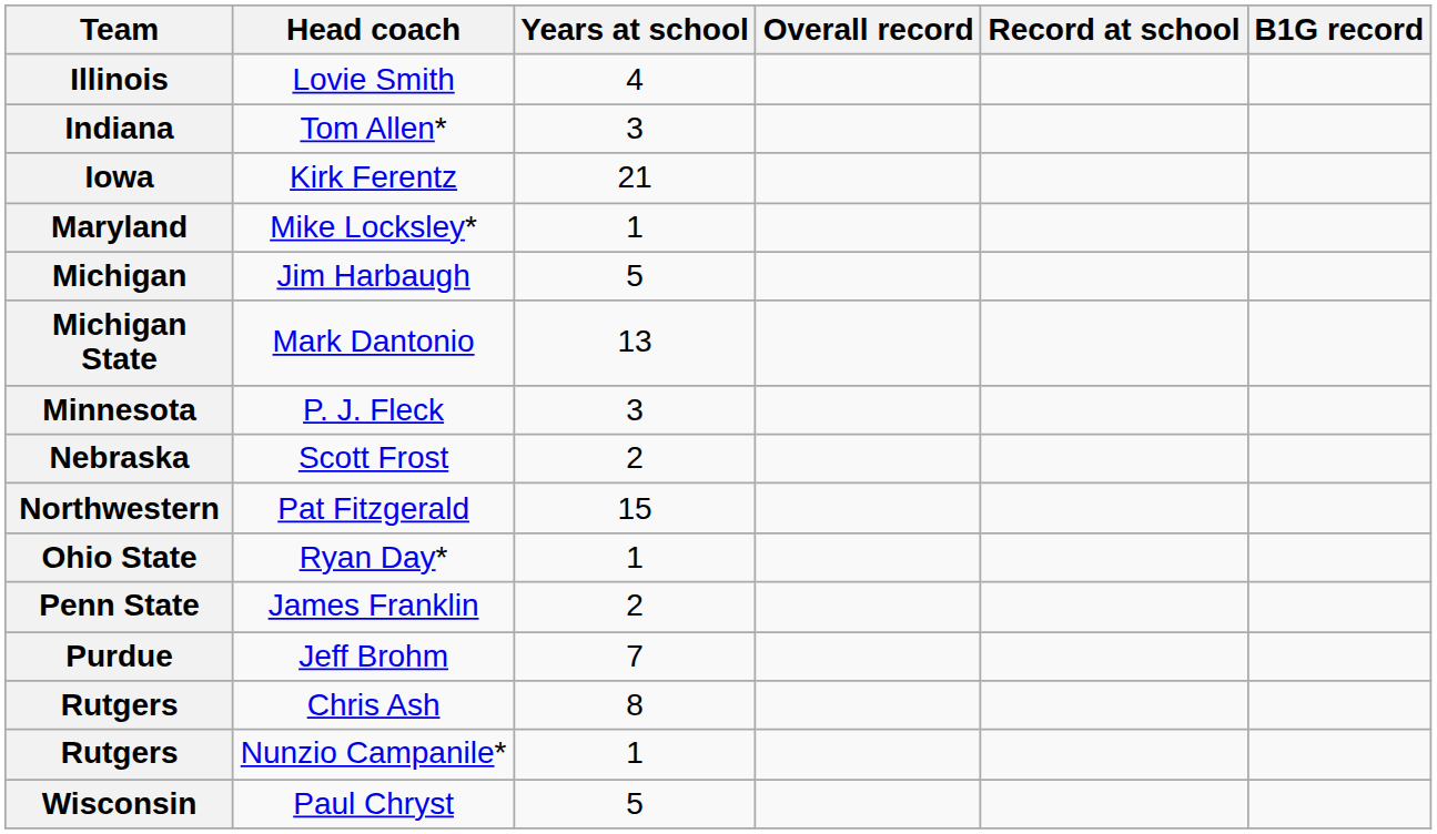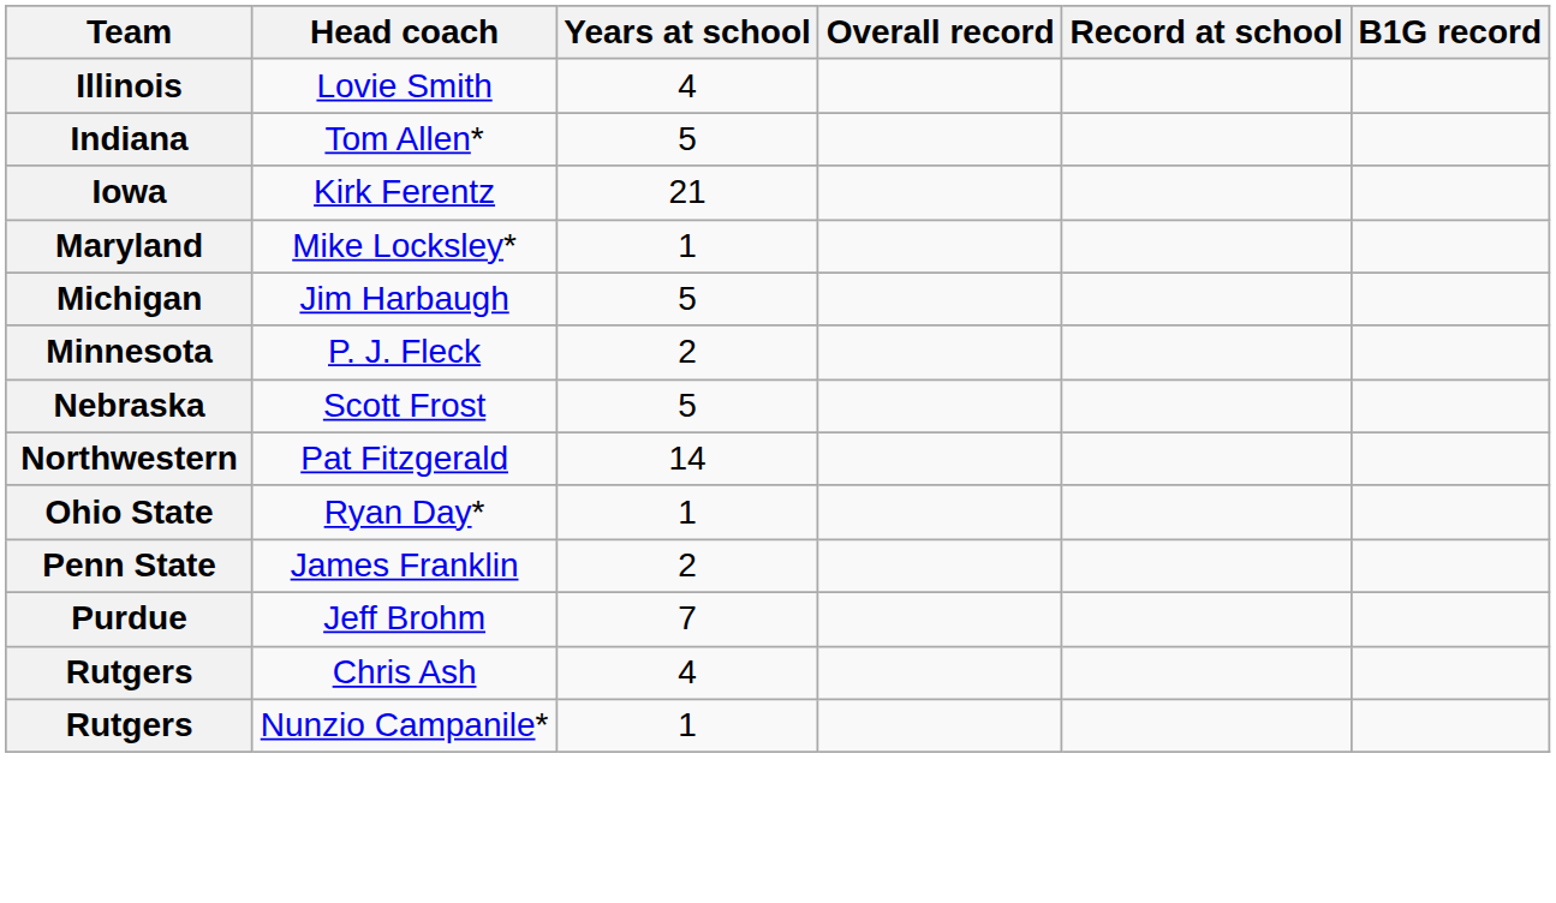 <table class="wikitable sortable" style="text-align: center;">
 <tr>
 <th width="110">Team</th>
 <th>Head coach</th>
 <th>Years at school</th>
 <th>Overall record</th>
 <th>Record at school</th>
 <th>B1G record</th>
 </tr>
 <tr>
 <th>Illinois</th>
 <td><a href='#'>Lovie Smith</a></td>
 <td>4</td>
 <td data-sort-value=></td>
 <td data-sort-value=></td>
 <td data-sort-value=></td>
 </tr>
 <tr>
 <th>Indiana</th>
 <td><a href='#'>Tom Allen</a>*</td>
-<td>3</td>
+<td>5</td>
 <td data-sort-value=></td>
 <td data-sort-value=></td>
 <td data-sort-value=></td>
 </tr>
 <tr>
 <th>Iowa</th>
 <td><a href='#'>Kirk Ferentz</a></td>
 <td>21</td>
 <td data-sort-value=></td>
 <td data-sort-value=></td>
 <td data-sort-value=></td>
 </tr>
 <tr>
 <th>Maryland</th>
 <td><a href='#'>Mike Locksley</a>*</td>
 <td>1</td>
 <td data-sort-value=></td>
 <td data-sort-value=></td>
 <td data-sort-value=></td>
 </tr>
 <tr>
 <th>Michigan</th>
 <td><a href='#'>Jim Harbaugh</a></td>
 <td>5</td>
 <td data-sort-value=></td>
 <td data-sort-value=></td>
 <td data-sort-value=></td>
 </tr>
 <tr>
-<th>Michigan State</th>
-<td><a href='#'>Mark Dantonio</a></td>
-<td>13</td>
-<td data-sort-value=></td>
-<td data-sort-value=></td>
-<td data-sort-value=></td>
-</tr>
-<tr>
 <th>Minnesota</th>
 <td><a href='#'>P. J. Fleck</a></td>
-<td>3</td>
+<td>2</td>
 <td data-sort-value=></td>
 <td data-sort-value=></td>
 <td data-sort-value=></td>
 </tr>
 <tr>
 <th>Nebraska</th>
 <td><a href='#'>Scott Frost</a></td>
-<td>2</td>
+<td>5</td>
 <td data-sort-value=></td>
 <td data-sort-value=></td>
 <td data-sort-value=></td>
 </tr>
 <tr>
 <th>Northwestern</th>
 <td><a href='#'>Pat Fitzgerald</a></td>
-<td>15</td>
+<td>14</td>
 <td data-sort-value=></td>
 <td data-sort-value=></td>
 <td data-sort-value=></td>
 </tr>
 <tr>
 <th>Ohio State</th>
 <td><a href='#'>Ryan Day</a>*</td>
 <td>1</td>
 <td data-sort-value=></td>
 <td data-sort-value=></td>
 <td data-sort-value=></td>
 </tr>
 <tr>
 <th>Penn State</th>
 <td><a href='#'>James Franklin</a></td>
 <td>2</td>
 <td data-sort-value=></td>
 <td data-sort-value=></td>
 <td data-sort-value=></td>
 </tr>
 <tr>
 <th>Purdue</th>
 <td><a href='#'>Jeff Brohm</a></td>
 <td>7</td>
 <td data-sort-value=></td>
 <td data-sort-value=></td>
 <td data-sort-value=></td>
 </tr>
 <tr>
 <th>Rutgers</th>
 <td><a href='#'>Chris Ash</a></td>
-<td>8</td>
+<td>4</td>
 <td data-sort-value=></td>
 <td data-sort-value=></td>
 <td data-sort-value=></td>
 </tr>
 <tr>
 <th>Rutgers</th>
 <td><a href='#'>Nunzio Campanile</a>*</td>
 <td>1</td>
 <td data-sort-value=></td>
 <td data-sort-value=></td>
 <td data-sort-value=></td>
 </tr>
-<tr>
-<th>Wisconsin</th>
-<td><a href='#'>Paul Chryst</a></td>
-<td>5</td>
-<td data-sort-value=></td>
-<td data-sort-value=></td>
-<td data-sort-value=></td>
-</tr>
 </table>
